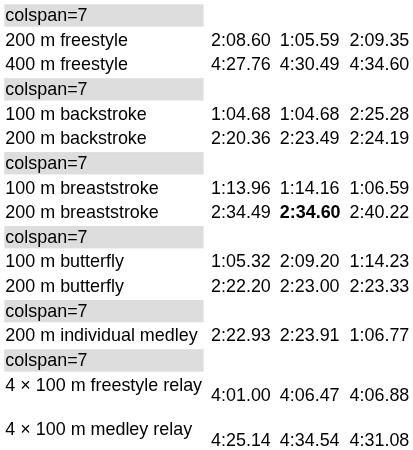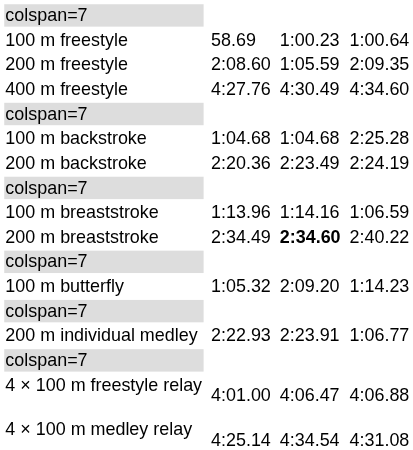 <table>
 <tr bgcolor=#DDDDDD>
 <td>colspan=7 </td>
+</tr>
+<tr>
+<td>100 m freestyle<br></td>
+<td></td>
+<td>58.69</td>
+<td></td>
+<td>1:00.23</td>
+<td></td>
+<td>1:00.64</td>
 </tr>
 <tr>
 <td>200 m freestyle<br></td>
 <td></td>
 <td>2:08.60</td>
 <td></td>
 <td>1:05.59</td>
 <td></td>
 <td>2:09.35</td>
 </tr>
 <tr>
 <td>400 m freestyle<br></td>
 <td></td>
 <td>4:27.76</td>
 <td></td>
 <td>4:30.49</td>
 <td></td>
 <td>4:34.60</td>
 </tr>
 <tr bgcolor=#DDDDDD>
 <td>colspan=7 </td>
 </tr>
 <tr>
 <td>100 m backstroke<br></td>
 <td></td>
 <td>1:04.68</td>
 <td></td>
 <td>1:04.68</td>
 <td></td>
 <td>2:25.28</td>
 </tr>
 <tr>
 <td>200 m backstroke<br></td>
 <td></td>
 <td>2:20.36</td>
 <td></td>
 <td>2:23.49</td>
 <td></td>
 <td>2:24.19</td>
 </tr>
 <tr bgcolor=#DDDDDD>
 <td>colspan=7 </td>
 </tr>
 <tr>
 <td>100 m breaststroke<br></td>
 <td></td>
 <td>1:13.96</td>
 <td></td>
 <td>1:14.16</td>
 <td></td>
 <td>1:06.59</td>
 </tr>
 <tr>
 <td>200 m breaststroke<br></td>
 <td></td>
 <td>2:34.49</td>
 <td></td>
 <td><strong>2:34.60</strong></td>
 <td></td>
 <td>2:40.22</td>
 </tr>
 <tr bgcolor=#DDDDDD>
 <td>colspan=7 </td>
 </tr>
 <tr>
 <td>100 m butterfly<br></td>
 <td></td>
 <td>1:05.32</td>
 <td></td>
 <td>2:09.20</td>
 <td></td>
 <td>1:14.23</td>
 </tr>
-<tr>
-<td>200 m butterfly<br></td>
-<td></td>
-<td>2:22.20</td>
-<td></td>
-<td>2:23.00</td>
-<td></td>
-<td>2:23.33</td>
-</tr>
 <tr bgcolor=#DDDDDD>
 <td>colspan=7 </td>
 </tr>
 <tr>
 <td>200 m individual medley<br></td>
 <td></td>
 <td>2:22.93</td>
 <td></td>
 <td>2:23.91</td>
 <td></td>
 <td>1:06.77</td>
 </tr>
 <tr bgcolor=#DDDDDD>
 <td>colspan=7 </td>
 </tr>
 <tr>
 <td>4 × 100 m freestyle relay<br><br></td>
 <td></td>
 <td>4:01.00</td>
 <td></td>
 <td>4:06.47</td>
 <td></td>
 <td>4:06.88</td>
 </tr>
 <tr>
 <td>4 × 100 m medley relay<br><br></td>
 <td></td>
 <td>4:25.14</td>
 <td></td>
 <td>4:34.54</td>
 <td></td>
 <td>4:31.08</td>
 </tr>
 </table>
